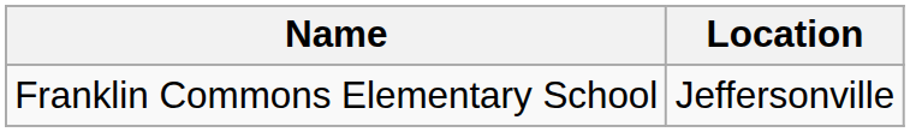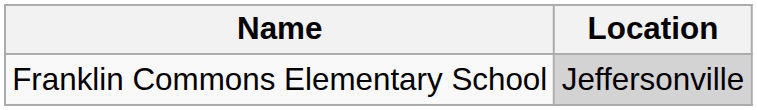 <table class="wikitable">
 <tr>
 <th>Name</th>
 <th>Location</th>
 </tr>
 <tr>
 <td>Franklin Commons Elementary School</td>
-<td>Jeffersonville</td>
+<td style="background: lightgrey;">Jeffersonville</td>
 </tr>
 </table>
